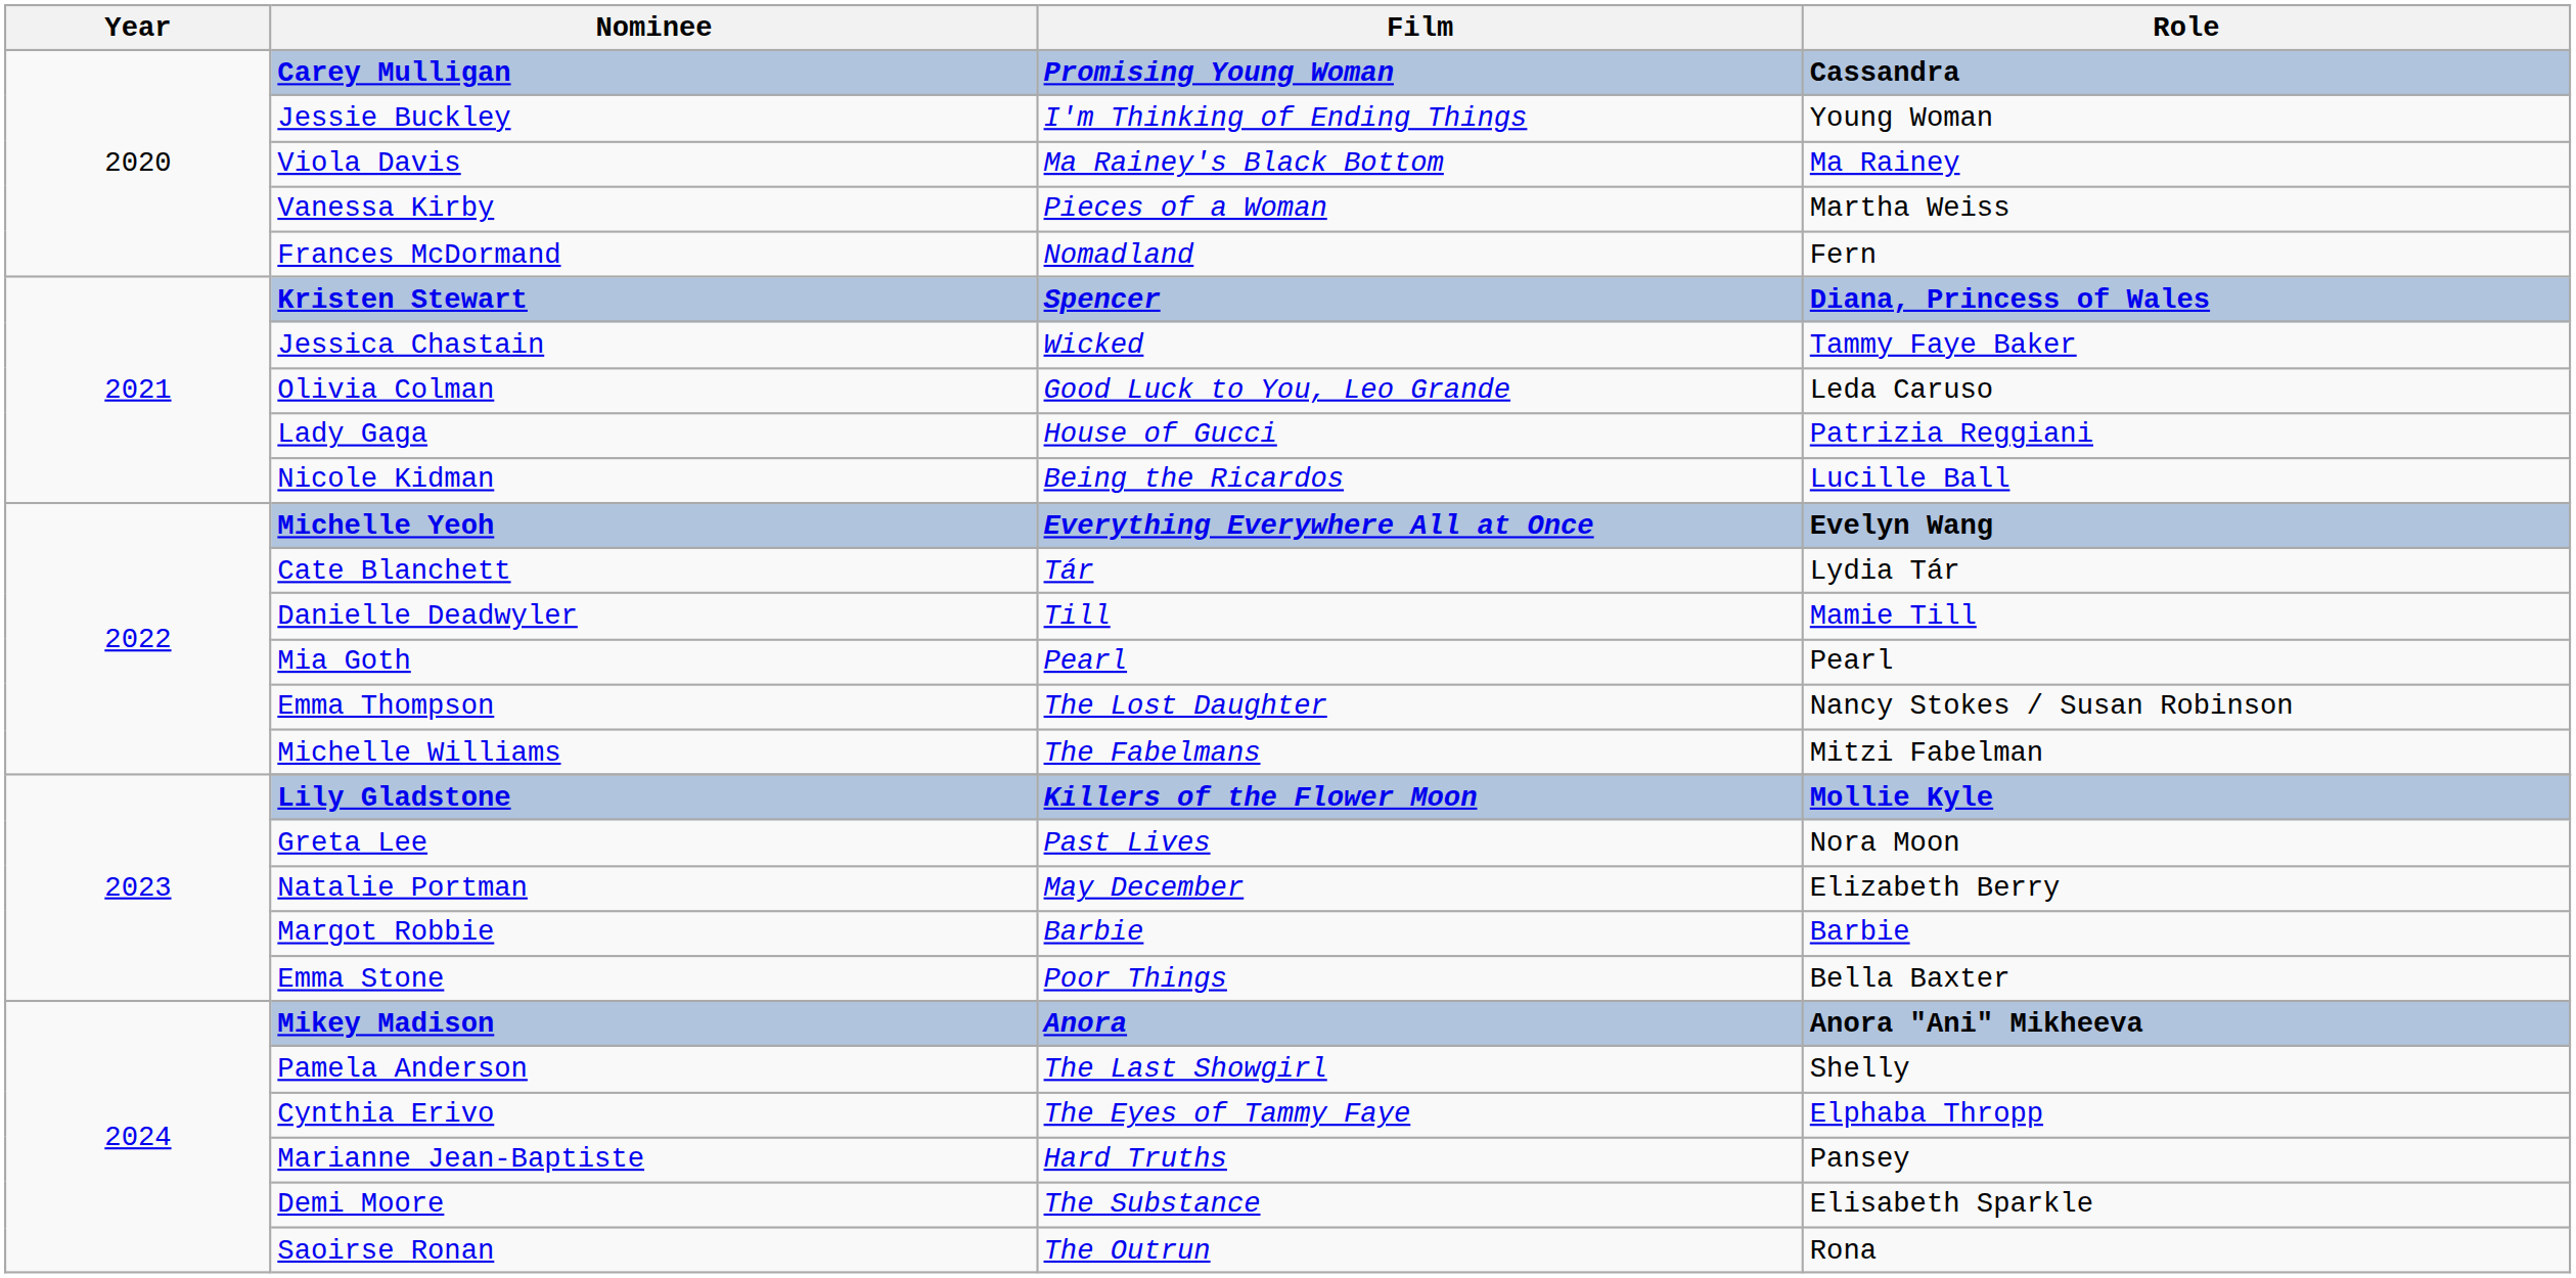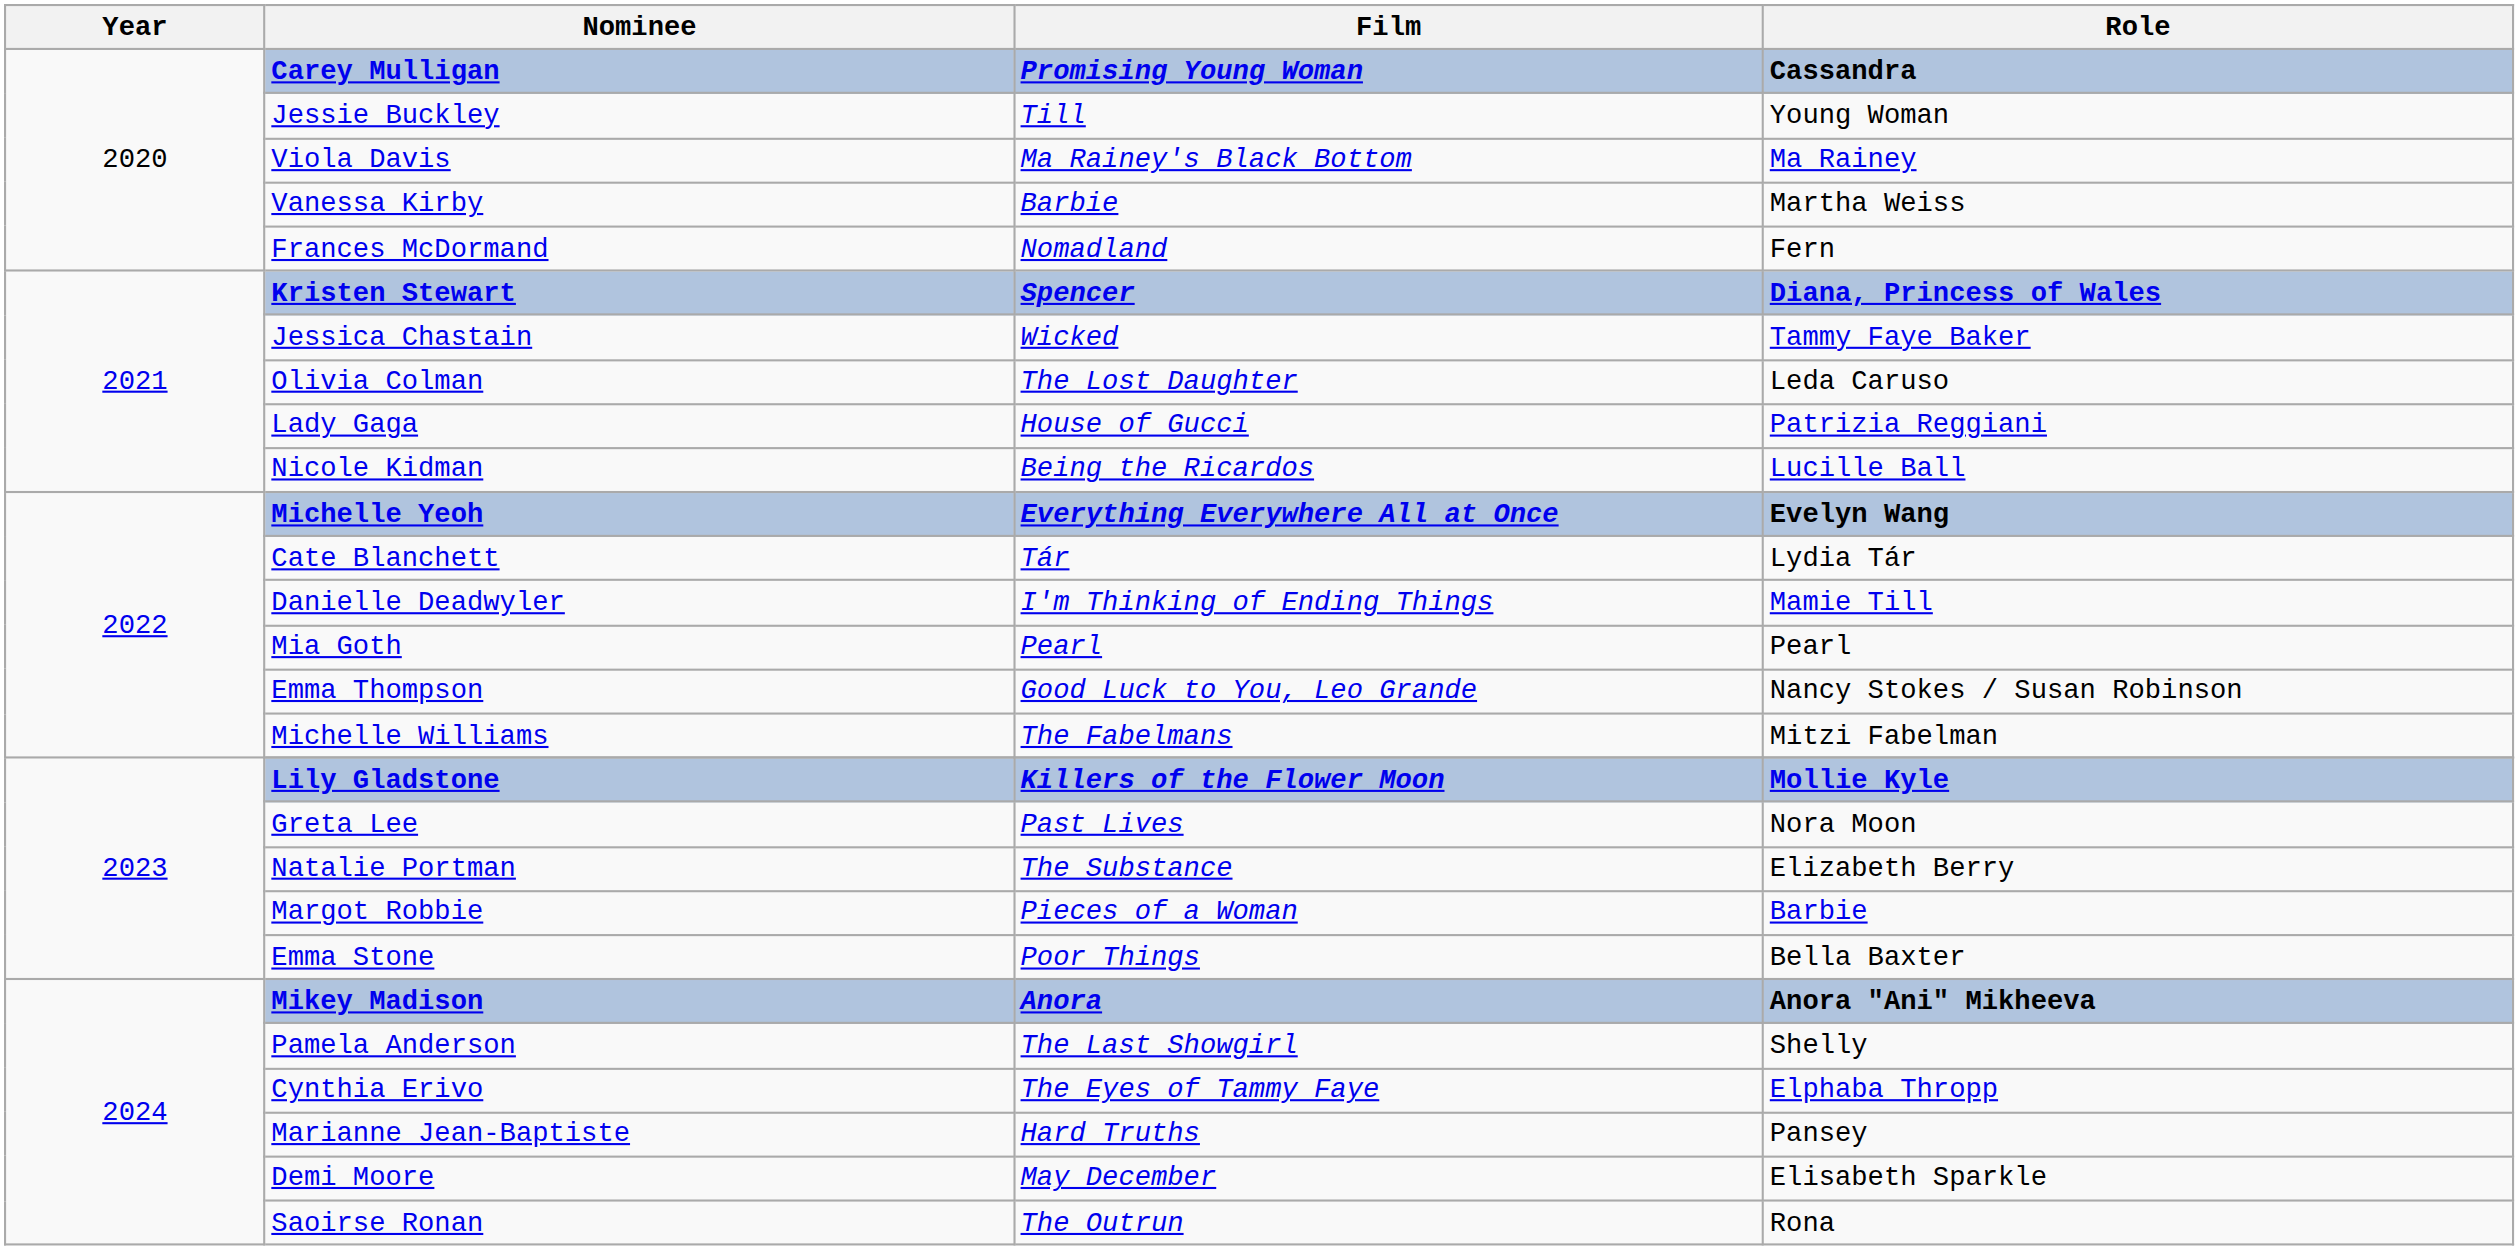 <table class="wikitable" width="95%" cellpadding="5">
 <tr>
 <th width="100"><strong>Year</strong></th>
 <th width="300"><strong>Nominee</strong></th>
 <th width="300"><strong>Film</strong></th>
 <th width="300"><strong>Role</strong></th>
 </tr>
 <tr>
 <td rowspan="5" style="text-align:center;">2020</td>
 <td style="background:#B0C4DE"><strong><a href='#'>Carey Mulligan</a></strong></td>
 <td style="background:#B0C4DE"><strong><em><a href='#'>Promising Young Woman</a></em></strong></td>
 <td style="background:#B0C4DE"><strong>Cassandra</strong></td>
 </tr>
 <tr>
 <td><a href='#'>Jessie Buckley</a></td>
-<td><em><a href='#'>I'm Thinking of Ending Things</a></em></td>
+<td><em><a href='#'>Till</a></em></td>
 <td>Young Woman</td>
 </tr>
 <tr>
 <td><a href='#'>Viola Davis</a></td>
 <td><em><a href='#'>Ma Rainey's Black Bottom</a></em></td>
 <td><a href='#'>Ma Rainey</a></td>
 </tr>
 <tr>
 <td><a href='#'>Vanessa Kirby</a></td>
-<td><em><a href='#'>Pieces of a Woman</a></em></td>
+<td><em><a href='#'>Barbie</a></em></td>
 <td>Martha Weiss</td>
 </tr>
 <tr>
 <td><a href='#'>Frances McDormand</a></td>
 <td><em><a href='#'>Nomadland</a></em></td>
 <td>Fern</td>
 </tr>
 <tr>
 <td rowspan="5" style="text-align:center;"><a href='#'>2021</a></td>
 <td style="background:#B0C4DE"><strong><a href='#'>Kristen Stewart</a></strong></td>
 <td style="background:#B0C4DE"><strong><em><a href='#'>Spencer</a></em></strong></td>
 <td style="background:#B0C4DE"><strong><a href='#'>Diana, Princess of Wales</a></strong></td>
 </tr>
 <tr>
 <td><a href='#'>Jessica Chastain</a></td>
 <td><em><a href='#'>Wicked</a></em></td>
 <td><a href='#'>Tammy Faye Baker</a></td>
 </tr>
 <tr>
 <td><a href='#'>Olivia Colman</a></td>
-<td><em><a href='#'>Good Luck to You, Leo Grande</a></em></td>
+<td><em><a href='#'>The Lost Daughter</a></em></td>
 <td>Leda Caruso</td>
 </tr>
 <tr>
 <td><a href='#'>Lady Gaga</a></td>
 <td><em><a href='#'>House of Gucci</a></em></td>
 <td><a href='#'>Patrizia Reggiani</a></td>
 </tr>
 <tr>
 <td><a href='#'>Nicole Kidman</a></td>
 <td><em><a href='#'>Being the Ricardos</a></em></td>
 <td><a href='#'>Lucille Ball</a></td>
 </tr>
 <tr>
 <td rowspan="6" style="text-align:center;"><a href='#'>2022</a></td>
 <td style="background:#B0C4DE"><strong><a href='#'>Michelle Yeoh</a></strong></td>
 <td style="background:#B0C4DE"><strong><em><a href='#'>Everything Everywhere All at Once</a></em></strong></td>
 <td style="background:#B0C4DE"><strong>Evelyn Wang</strong></td>
 </tr>
 <tr>
 <td><a href='#'>Cate Blanchett</a></td>
 <td><em><a href='#'>Tár</a></em></td>
 <td>Lydia Tár</td>
 </tr>
 <tr>
 <td><a href='#'>Danielle Deadwyler</a></td>
-<td><em><a href='#'>Till</a></em></td>
+<td><em><a href='#'>I'm Thinking of Ending Things</a></em></td>
 <td><a href='#'>Mamie Till</a></td>
 </tr>
 <tr>
 <td><a href='#'>Mia Goth</a></td>
 <td><em><a href='#'>Pearl</a></em></td>
 <td>Pearl</td>
 </tr>
 <tr>
 <td><a href='#'>Emma Thompson</a></td>
-<td><em><a href='#'>The Lost Daughter</a></em></td>
+<td><em><a href='#'>Good Luck to You, Leo Grande</a></em></td>
 <td>Nancy Stokes / Susan Robinson</td>
 </tr>
 <tr>
 <td><a href='#'>Michelle Williams</a></td>
 <td><em><a href='#'>The Fabelmans</a></em></td>
 <td>Mitzi Fabelman</td>
 </tr>
 <tr>
 <td rowspan="6" style="text-align:center;"><a href='#'>2023</a></td>
 </tr>
 <tr>
 <td style="background:#B0C4DE"><strong><a href='#'>Lily Gladstone</a></strong></td>
 <td style="background:#B0C4DE"><strong><em><a href='#'>Killers of the Flower Moon</a></em></strong></td>
 <td style="background:#B0C4DE"><strong><a href='#'>Mollie Kyle</a></strong></td>
 </tr>
 <tr>
 <td><a href='#'>Greta Lee</a></td>
 <td><em><a href='#'>Past Lives</a></em></td>
 <td>Nora Moon</td>
 </tr>
 <tr>
 <td><a href='#'>Natalie Portman</a></td>
-<td><em><a href='#'>May December</a></em></td>
+<td><em><a href='#'>The Substance</a></em></td>
 <td>Elizabeth Berry</td>
 </tr>
 <tr>
 <td><a href='#'>Margot Robbie</a></td>
-<td><em><a href='#'>Barbie</a></em></td>
+<td><em><a href='#'>Pieces of a Woman</a></em></td>
 <td><a href='#'>Barbie</a></td>
 </tr>
 <tr>
 <td><a href='#'>Emma Stone</a></td>
 <td><em><a href='#'>Poor Things</a></em></td>
 <td>Bella Baxter</td>
 </tr>
 <tr>
 <td rowspan="6" style="text-align:center;"><a href='#'>2024</a></td>
 <td style="background:#B0C4DE"><strong><a href='#'>Mikey Madison</a></strong></td>
 <td style="background:#B0C4DE"><strong><em><a href='#'>Anora</a></em></strong></td>
 <td style="background:#B0C4DE"><strong>Anora "Ani" Mikheeva</strong></td>
 </tr>
 <tr>
 <td><a href='#'>Pamela Anderson</a></td>
 <td><em><a href='#'>The Last Showgirl</a></em></td>
 <td>Shelly</td>
 </tr>
 <tr>
 <td><a href='#'>Cynthia Erivo</a></td>
 <td><em><a href='#'>The Eyes of Tammy Faye</a></em></td>
 <td><a href='#'>Elphaba Thropp</a></td>
 </tr>
 <tr>
 <td><a href='#'>Marianne Jean-Baptiste</a></td>
 <td><em><a href='#'>Hard Truths</a></em></td>
 <td>Pansey</td>
 </tr>
 <tr>
 <td><a href='#'>Demi Moore</a></td>
-<td><em><a href='#'>The Substance</a></em></td>
+<td><em><a href='#'>May December</a></em></td>
 <td>Elisabeth Sparkle</td>
 </tr>
 <tr>
 <td><a href='#'>Saoirse Ronan</a></td>
 <td><em><a href='#'>The Outrun</a></em></td>
 <td>Rona</td>
 </tr>
 </table>
